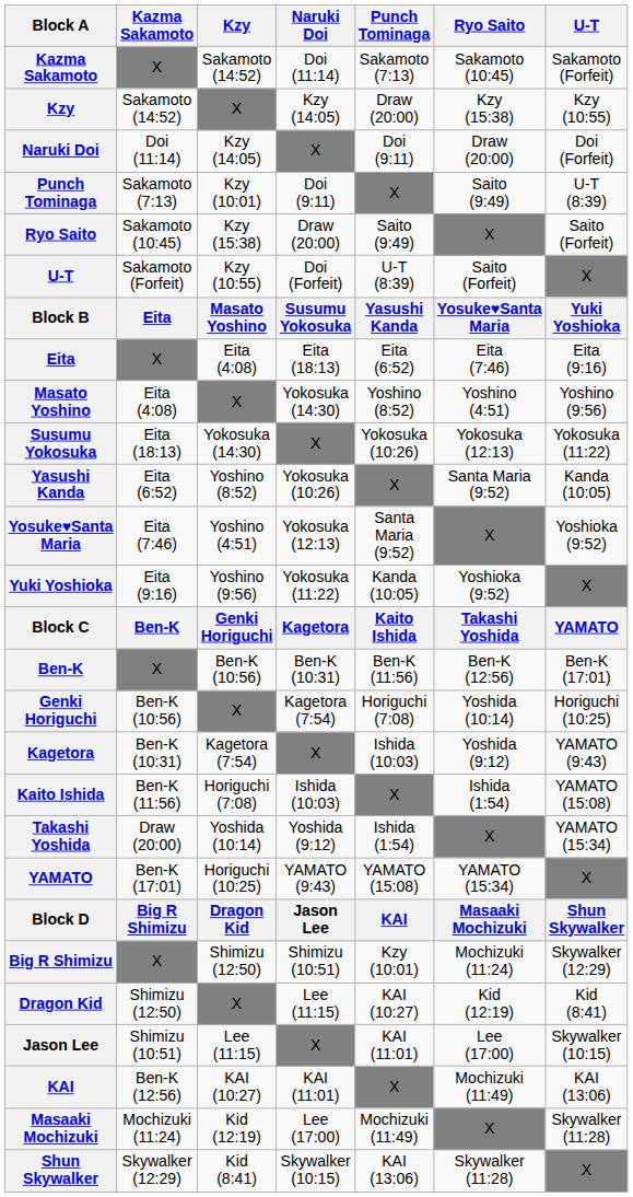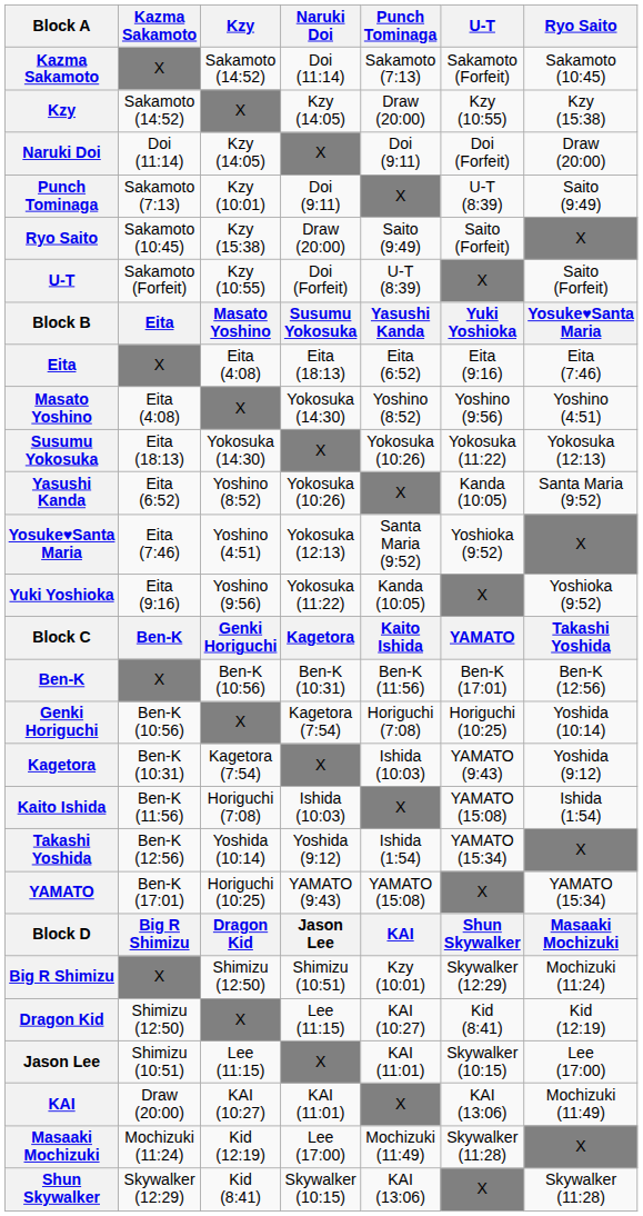 <table class="wikitable" style="margin: 1em auto 1em auto">
 <tr align="center">
 <th>Block A</th>
 <th><a href='#'>Kazma Sakamoto</a></th>
 <th><a href='#'>Kzy</a></th>
 <th><a href='#'>Naruki Doi</a></th>
 <th><a href='#'>Punch Tominaga</a></th>
+<th><a href='#'>U-T</a></th>
 <th><a href='#'>Ryo Saito</a></th>
-<th><a href='#'>U-T</a></th>
 </tr>
 <tr align="center">
 <th><a href='#'>Kazma Sakamoto</a></th>
 <td bgcolor=grey>X</td>
 <td>Sakamoto<br>(14:52)</td>
 <td>Doi<br>(11:14)</td>
 <td>Sakamoto<br>(7:13)</td>
+<td>Sakamoto<br>(Forfeit)</td>
 <td>Sakamoto<br>(10:45)</td>
-<td>Sakamoto<br>(Forfeit)</td>
 </tr>
 <tr align="center">
 <th><a href='#'>Kzy</a></th>
 <td>Sakamoto<br>(14:52)</td>
 <td bgcolor=grey>X</td>
 <td>Kzy<br>(14:05)</td>
 <td>Draw<br>(20:00)</td>
+<td>Kzy<br>(10:55)</td>
 <td>Kzy<br>(15:38)</td>
-<td>Kzy<br>(10:55)</td>
 </tr>
 <tr align="center">
 <th><a href='#'>Naruki Doi</a></th>
 <td>Doi<br>(11:14)</td>
 <td>Kzy<br>(14:05)</td>
 <td bgcolor=grey>X</td>
 <td>Doi<br>(9:11)</td>
+<td>Doi<br>(Forfeit)</td>
 <td>Draw<br>(20:00)</td>
-<td>Doi<br>(Forfeit)</td>
 </tr>
 <tr align="center">
 <th><a href='#'>Punch Tominaga</a></th>
 <td>Sakamoto<br>(7:13)</td>
 <td>Kzy<br>(10:01)</td>
 <td>Doi<br>(9:11)</td>
 <td bgcolor=grey>X</td>
+<td>U-T<br>(8:39)</td>
 <td>Saito<br>(9:49)</td>
-<td>U-T<br>(8:39)</td>
 </tr>
 <tr align="center">
 <th><a href='#'>Ryo Saito</a></th>
 <td>Sakamoto<br>(10:45)</td>
 <td>Kzy<br>(15:38)</td>
 <td>Draw<br>(20:00)</td>
 <td>Saito<br>(9:49)</td>
+<td>Saito<br>(Forfeit)</td>
 <td bgcolor=grey>X</td>
-<td>Saito<br>(Forfeit)</td>
 </tr>
 <tr align="center">
 <th><a href='#'>U-T</a></th>
 <td>Sakamoto<br>(Forfeit)</td>
 <td>Kzy<br>(10:55)</td>
 <td>Doi<br>(Forfeit)</td>
 <td>U-T<br>(8:39)</td>
+<td bgcolor=grey>X</td>
 <td>Saito<br>(Forfeit)</td>
-<td bgcolor=grey>X</td>
 </tr>
 <tr align="center">
 <th>Block B</th>
 <th><a href='#'>Eita</a></th>
 <th><a href='#'>Masato Yoshino</a></th>
 <th><a href='#'>Susumu Yokosuka</a></th>
 <th><a href='#'>Yasushi Kanda</a></th>
+<th><a href='#'>Yuki Yoshioka</a></th>
 <th><a href='#'>Yosuke♥Santa Maria</a></th>
-<th><a href='#'>Yuki Yoshioka</a></th>
 </tr>
 <tr align="center">
 <th><a href='#'>Eita</a></th>
 <td bgcolor=grey>X</td>
 <td>Eita<br>(4:08)</td>
 <td>Eita<br>(18:13)</td>
 <td>Eita<br>(6:52)</td>
+<td>Eita<br>(9:16)</td>
 <td>Eita<br>(7:46)</td>
-<td>Eita<br>(9:16)</td>
 </tr>
 <tr align="center">
 <th><a href='#'>Masato Yoshino</a></th>
 <td>Eita<br>(4:08)</td>
 <td bgcolor=grey>X</td>
 <td>Yokosuka<br>(14:30)</td>
 <td>Yoshino<br>(8:52)</td>
+<td>Yoshino<br>(9:56)</td>
 <td>Yoshino<br>(4:51)</td>
-<td>Yoshino<br>(9:56)</td>
 </tr>
 <tr align="center">
 <th><a href='#'>Susumu Yokosuka</a></th>
 <td>Eita<br>(18:13)</td>
 <td>Yokosuka<br>(14:30)</td>
 <td bgcolor=grey>X</td>
 <td>Yokosuka<br>(10:26)</td>
+<td>Yokosuka<br>(11:22)</td>
 <td>Yokosuka<br>(12:13)</td>
-<td>Yokosuka<br>(11:22)</td>
 </tr>
 <tr align="center">
 <th><a href='#'>Yasushi Kanda</a></th>
 <td>Eita<br>(6:52)</td>
 <td>Yoshino<br>(8:52)</td>
 <td>Yokosuka<br>(10:26)</td>
 <td bgcolor=grey>X</td>
+<td>Kanda<br>(10:05)</td>
 <td>Santa Maria<br>(9:52)</td>
-<td>Kanda<br>(10:05)</td>
 </tr>
 <tr align="center">
 <th><a href='#'>Yosuke♥Santa Maria</a></th>
 <td>Eita<br>(7:46)</td>
 <td>Yoshino<br>(4:51)</td>
 <td>Yokosuka<br>(12:13)</td>
 <td>Santa Maria<br>(9:52)</td>
+<td>Yoshioka<br>(9:52)</td>
 <td bgcolor=grey>X</td>
-<td>Yoshioka<br>(9:52)</td>
 </tr>
 <tr align="center">
 <th><a href='#'>Yuki Yoshioka</a></th>
 <td>Eita<br>(9:16)</td>
 <td>Yoshino<br>(9:56)</td>
 <td>Yokosuka<br>(11:22)</td>
 <td>Kanda<br>(10:05)</td>
+<td bgcolor=grey>X</td>
 <td>Yoshioka<br>(9:52)</td>
-<td bgcolor=grey>X</td>
 </tr>
 <tr align="center">
 <th>Block C</th>
 <th><a href='#'>Ben-K</a></th>
 <th><a href='#'>Genki Horiguchi</a></th>
 <th><a href='#'>Kagetora</a></th>
 <th><a href='#'>Kaito Ishida</a></th>
+<th><a href='#'>YAMATO</a></th>
 <th><a href='#'>Takashi Yoshida</a></th>
-<th><a href='#'>YAMATO</a></th>
 </tr>
 <tr align="center">
 <th><a href='#'>Ben-K</a></th>
 <td bgcolor=grey>X</td>
 <td>Ben-K<br>(10:56)</td>
 <td>Ben-K<br>(10:31)</td>
 <td>Ben-K<br>(11:56)</td>
+<td>Ben-K<br>(17:01)</td>
 <td>Ben-K<br>(12:56)</td>
-<td>Ben-K<br>(17:01)</td>
 </tr>
 <tr align="center">
 <th><a href='#'>Genki Horiguchi</a></th>
 <td>Ben-K<br>(10:56)</td>
 <td bgcolor=grey>X</td>
 <td>Kagetora<br>(7:54)</td>
 <td>Horiguchi<br>(7:08)</td>
+<td>Horiguchi<br>(10:25)</td>
 <td>Yoshida<br>(10:14)</td>
-<td>Horiguchi<br>(10:25)</td>
 </tr>
 <tr align="center">
 <th><a href='#'>Kagetora</a></th>
 <td>Ben-K<br>(10:31)</td>
 <td>Kagetora<br>(7:54)</td>
 <td bgcolor=grey>X</td>
 <td>Ishida<br>(10:03)</td>
+<td>YAMATO<br>(9:43)</td>
 <td>Yoshida<br>(9:12)</td>
-<td>YAMATO<br>(9:43)</td>
 </tr>
 <tr align="center">
 <th><a href='#'>Kaito Ishida</a></th>
 <td>Ben-K<br>(11:56)</td>
 <td>Horiguchi<br>(7:08)</td>
 <td>Ishida<br>(10:03)</td>
 <td bgcolor=grey>X</td>
+<td>YAMATO<br>(15:08)</td>
 <td>Ishida<br>(1:54)</td>
-<td>YAMATO<br>(15:08)</td>
 </tr>
 <tr align="center">
 <th><a href='#'>Takashi Yoshida</a></th>
-<td>Draw<br>(20:00)</td>
+<td>Ben-K<br>(12:56)</td>
 <td>Yoshida<br>(10:14)</td>
 <td>Yoshida<br>(9:12)</td>
 <td>Ishida<br>(1:54)</td>
+<td>YAMATO<br>(15:34)</td>
 <td bgcolor=grey>X</td>
-<td>YAMATO<br>(15:34)</td>
 </tr>
 <tr align="center">
 <th><a href='#'>YAMATO</a></th>
 <td>Ben-K<br>(17:01)</td>
 <td>Horiguchi<br>(10:25)</td>
 <td>YAMATO<br>(9:43)</td>
 <td>YAMATO<br>(15:08)</td>
+<td bgcolor=grey>X</td>
 <td>YAMATO<br>(15:34)</td>
-<td bgcolor=grey>X</td>
 </tr>
 <tr align="center">
 <th>Block D</th>
 <th><a href='#'>Big R Shimizu</a></th>
 <th><a href='#'>Dragon Kid</a></th>
 <th>Jason Lee</th>
 <th><a href='#'>KAI</a></th>
+<th><a href='#'>Shun Skywalker</a></th>
 <th><a href='#'>Masaaki Mochizuki</a></th>
-<th><a href='#'>Shun Skywalker</a></th>
 </tr>
 <tr align="center">
 <th><a href='#'>Big R Shimizu</a></th>
 <td bgcolor=grey>X</td>
 <td>Shimizu<br>(12:50)</td>
 <td>Shimizu<br>(10:51)</td>
 <td>Kzy<br>(10:01)</td>
+<td>Skywalker<br>(12:29)</td>
 <td>Mochizuki<br>(11:24)</td>
-<td>Skywalker<br>(12:29)</td>
 </tr>
 <tr align="center">
 <th><a href='#'>Dragon Kid</a></th>
 <td>Shimizu<br>(12:50)</td>
 <td bgcolor=grey>X</td>
 <td>Lee<br>(11:15)</td>
 <td>KAI<br>(10:27)</td>
+<td>Kid<br>(8:41)</td>
 <td>Kid<br>(12:19)</td>
-<td>Kid<br>(8:41)</td>
 </tr>
 <tr align="center">
 <th>Jason Lee</th>
 <td>Shimizu<br>(10:51)</td>
 <td>Lee<br>(11:15)</td>
 <td bgcolor=grey>X</td>
 <td>KAI<br>(11:01)</td>
+<td>Skywalker<br>(10:15)</td>
 <td>Lee<br>(17:00)</td>
-<td>Skywalker<br>(10:15)</td>
 </tr>
 <tr align="center">
 <th><a href='#'>KAI</a></th>
-<td>Ben-K<br>(12:56)</td>
+<td>Draw<br>(20:00)</td>
 <td>KAI<br>(10:27)</td>
 <td>KAI<br>(11:01)</td>
 <td bgcolor=grey>X</td>
+<td>KAI<br>(13:06)</td>
 <td>Mochizuki<br>(11:49)</td>
-<td>KAI<br>(13:06)</td>
 </tr>
 <tr align="center">
 <th><a href='#'>Masaaki Mochizuki</a></th>
 <td>Mochizuki<br>(11:24)</td>
 <td>Kid<br>(12:19)</td>
 <td>Lee<br>(17:00)</td>
 <td>Mochizuki<br>(11:49)</td>
+<td>Skywalker<br>(11:28)</td>
 <td bgcolor=grey>X</td>
-<td>Skywalker<br>(11:28)</td>
 </tr>
 <tr align="center">
 <th><a href='#'>Shun Skywalker</a></th>
 <td>Skywalker<br>(12:29)</td>
 <td>Kid<br>(8:41)</td>
 <td>Skywalker<br>(10:15)</td>
 <td>KAI<br>(13:06)</td>
+<td bgcolor=grey>X</td>
 <td>Skywalker<br>(11:28)</td>
-<td bgcolor=grey>X</td>
 </tr>
 </table>
